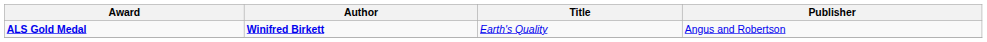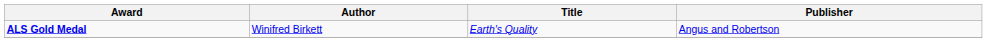 <table class="wikitable" width=95%>
 <tr>
 <th>Award</th>
 <th>Author</th>
 <th>Title</th>
 <th>Publisher</th>
 </tr>
 <tr>
 <td><strong><a href='#'>ALS Gold Medal</a></strong></td>
-<td><strong><a href='#'>Winifred Birkett</a></strong></td>
+<td><a href='#'>Winifred Birkett</a></td>
 <td><em><a href='#'>Earth's Quality</a></em></td>
 <td><a href='#'>Angus and Robertson</a></td>
 </tr>
 <tr>
 </tr>
 </table>
